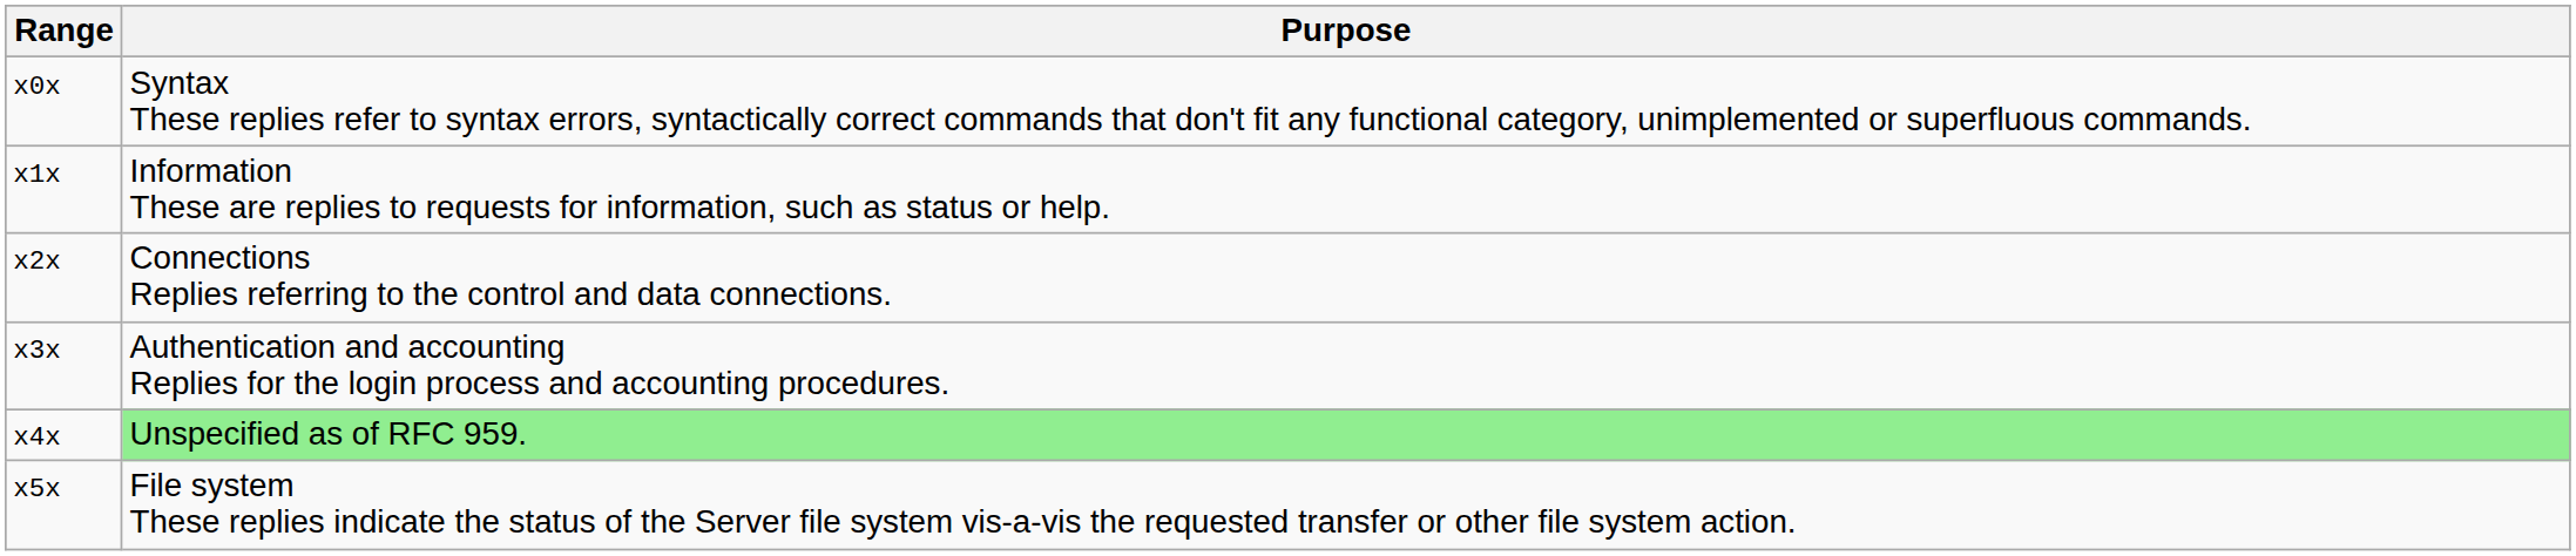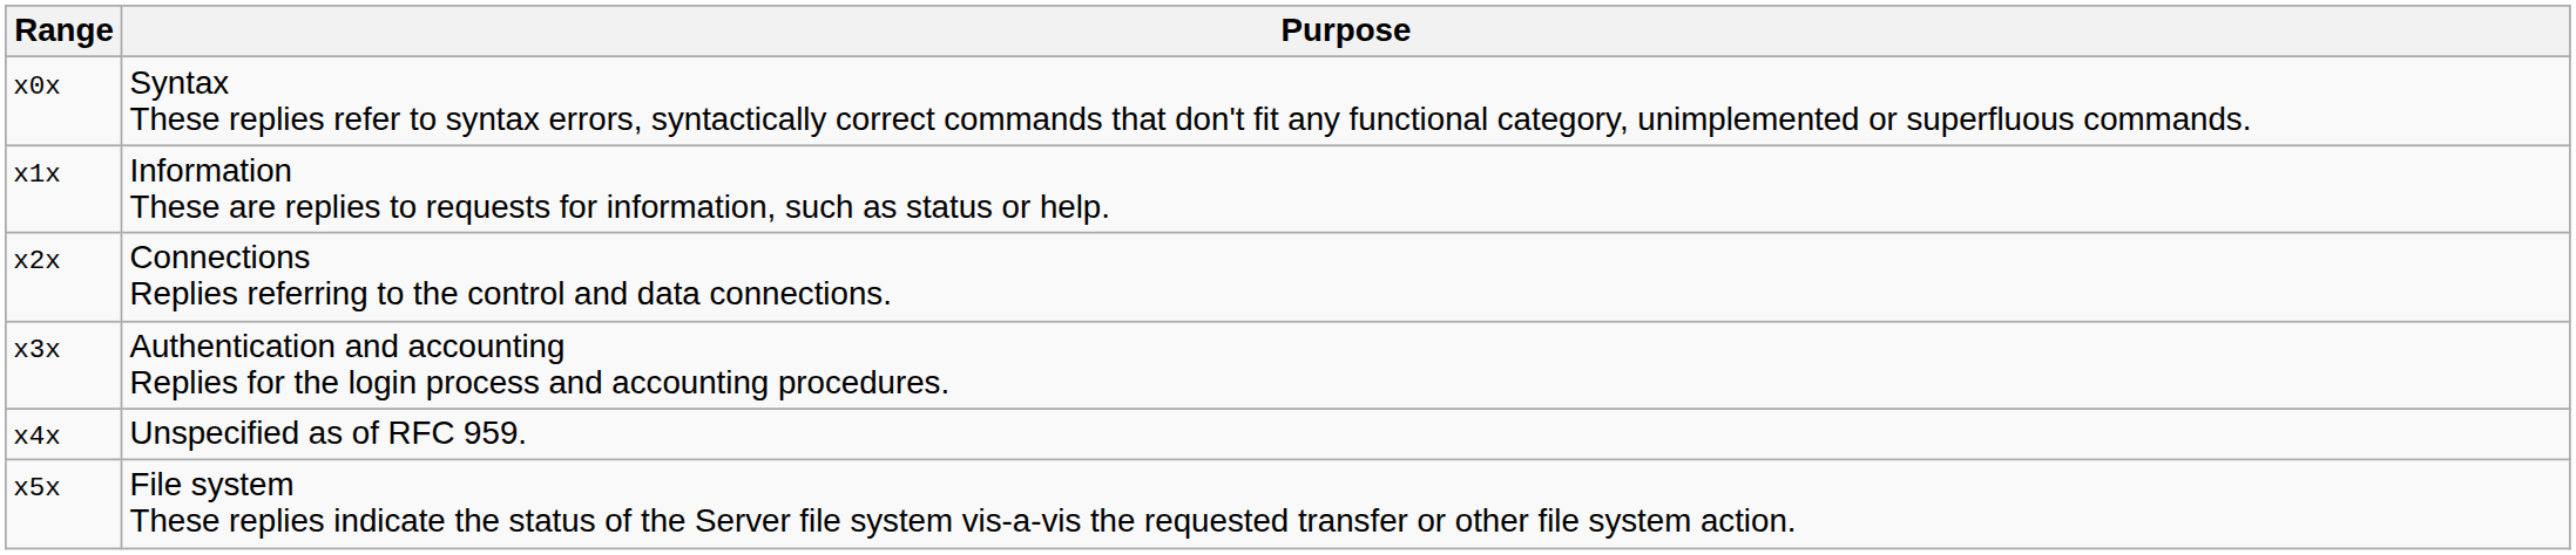 <table class="wikitable" style="width: 100%">
 <tr>
 <th style="width:50px">Range</th>
 <th>Purpose</th>
 </tr>
 <tr>
 <td valign="top"><code>x0x</code></td>
 <td>Syntax<br>These replies refer to syntax errors, syntactically correct commands that don't fit any functional category, unimplemented or superfluous commands.</td>
 </tr>
 <tr>
 <td valign="top"><code>x1x</code></td>
 <td>Information<br>These are replies to requests for information, such as status or help.</td>
 </tr>
 <tr>
 <td valign="top"><code>x2x</code></td>
 <td>Connections<br>Replies referring to the control and data connections.</td>
 </tr>
 <tr>
 <td valign="top"><code>x3x</code></td>
 <td>Authentication and accounting<br>Replies for the login process and accounting procedures.</td>
 </tr>
 <tr>
 <td valign="top"><code>x4x</code></td>
-<td style="background: lightgreen;">Unspecified as of RFC 959.</td>
+<td>Unspecified as of RFC 959.</td>
 </tr>
 <tr>
 <td valign="top"><code>x5x</code></td>
 <td>File system<br>These replies indicate the status of the Server file system vis-a-vis the requested transfer or other file system action.</td>
 </tr>
 </table>
